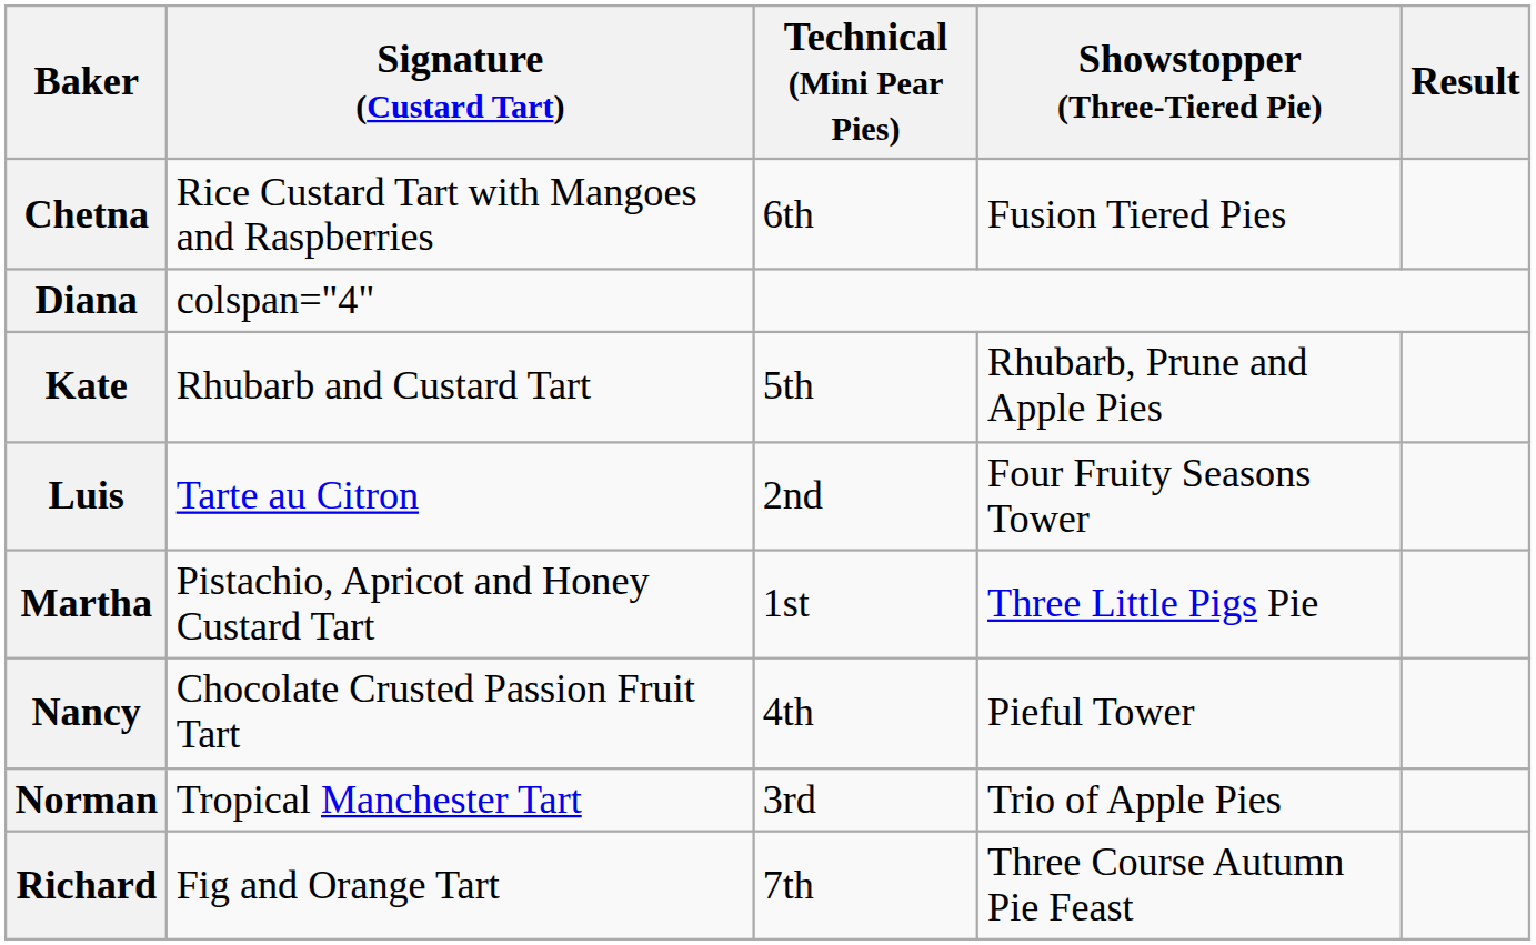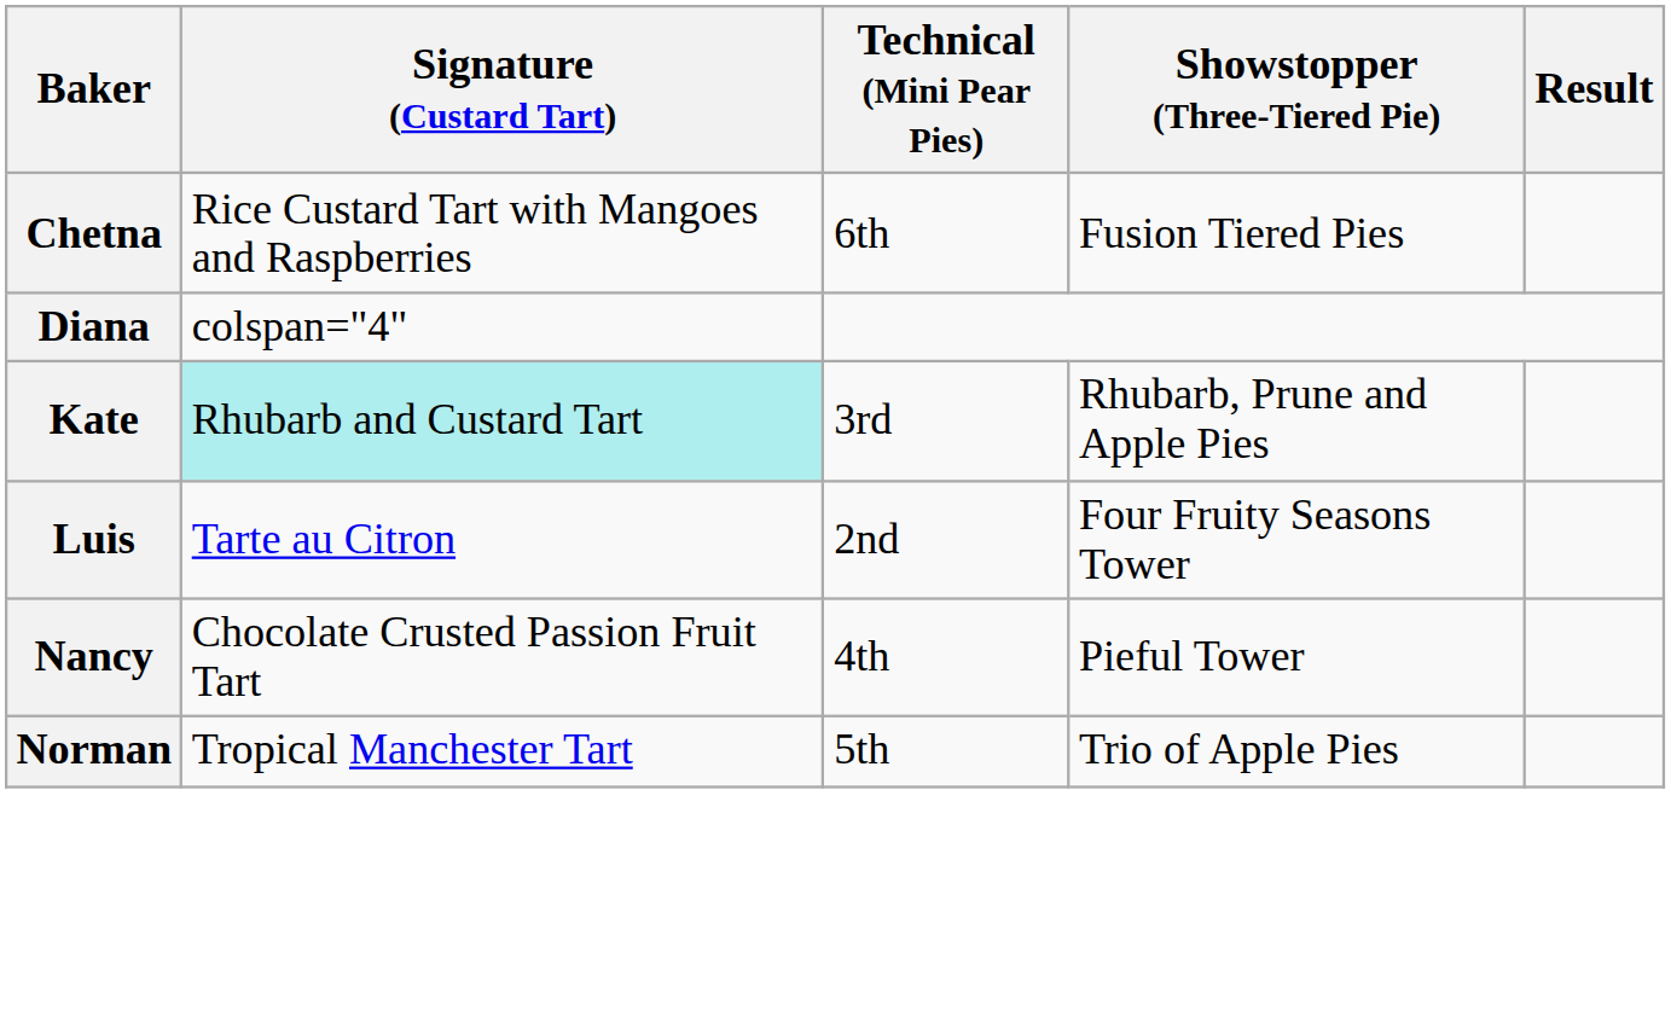 <table class="wikitable sortable col3center sticky-header">
 <tr>
 <th scope="col">Baker</th>
 <th scope="col" class="unsortable">Signature<br><small>(<a href='#'>Custard Tart</a>)</small></th>
 <th scope="col">Technical<br><small>(Mini Pear Pies)</small></th>
 <th scope="col" class="unsortable">Showstopper<br><small>(Three-Tiered Pie)</small></th>
 <th scope="col">Result</th>
 </tr>
 <tr>
 <th scope="row">Chetna</th>
 <td>Rice Custard Tart with Mangoes and Raspberries</td>
 <td>6th</td>
 <td>Fusion Tiered Pies</td>
 <td></td>
 </tr>
 <tr>
 <th scope="row">Diana</th>
 <td>colspan="4" </td>
 </tr>
 <tr>
 <th scope="row">Kate</th>
-<td>Rhubarb and Custard Tart</td>
-<td>5th</td>
+<td style="background: paleturquoise;">Rhubarb and Custard Tart</td>
+<td>3rd</td>
 <td>Rhubarb, Prune and Apple Pies</td>
 <td></td>
 </tr>
 <tr>
 <th scope="row">Luis</th>
 <td><a href='#'>Tarte au Citron</a></td>
 <td>2nd</td>
 <td>Four Fruity Seasons Tower</td>
-<td></td>
-</tr>
-<tr>
-<th scope="row">Martha</th>
-<td>Pistachio, Apricot and Honey Custard Tart</td>
-<td>1st</td>
-<td><a href='#'>Three Little Pigs</a> Pie</td>
 <td></td>
 </tr>
 <tr>
 <th scope="row">Nancy</th>
 <td>Chocolate Crusted Passion Fruit Tart</td>
 <td>4th</td>
 <td>Pieful Tower</td>
 <td></td>
 </tr>
 <tr>
 <th scope="row">Norman</th>
 <td>Tropical <a href='#'>Manchester Tart</a></td>
-<td>3rd</td>
+<td>5th</td>
 <td>Trio of Apple Pies</td>
 <td></td>
 </tr>
-<tr>
-<th scope="row">Richard</th>
-<td>Fig and Orange Tart</td>
-<td>7th</td>
-<td>Three Course Autumn Pie Feast</td>
-<td></td>
-</tr>
 </table>
